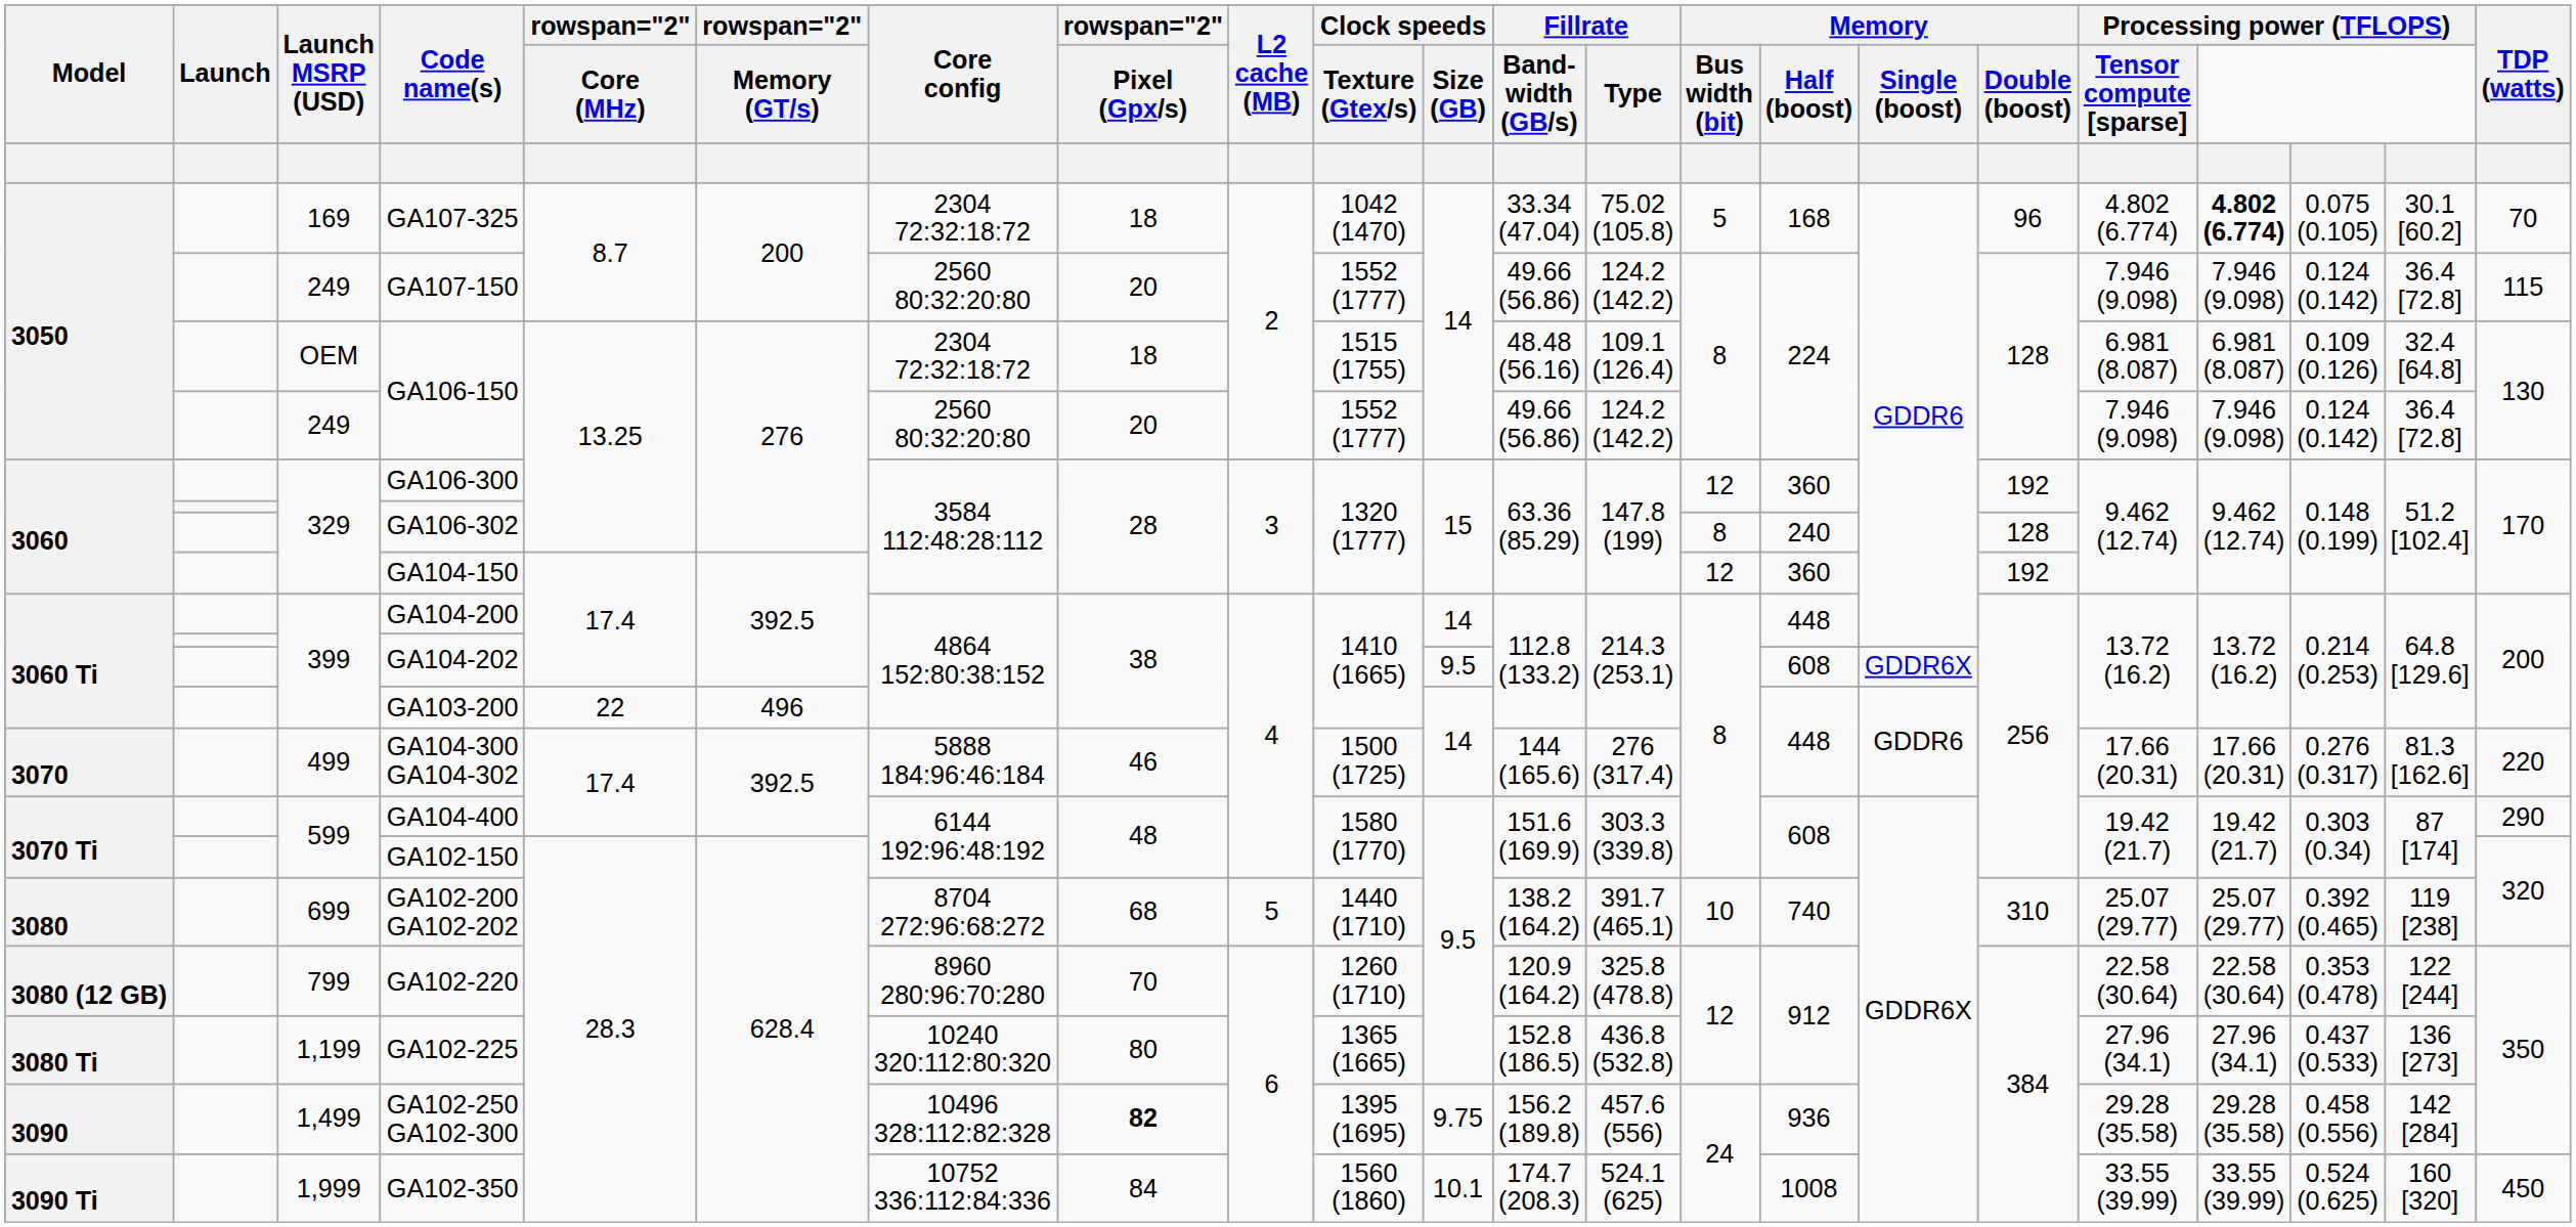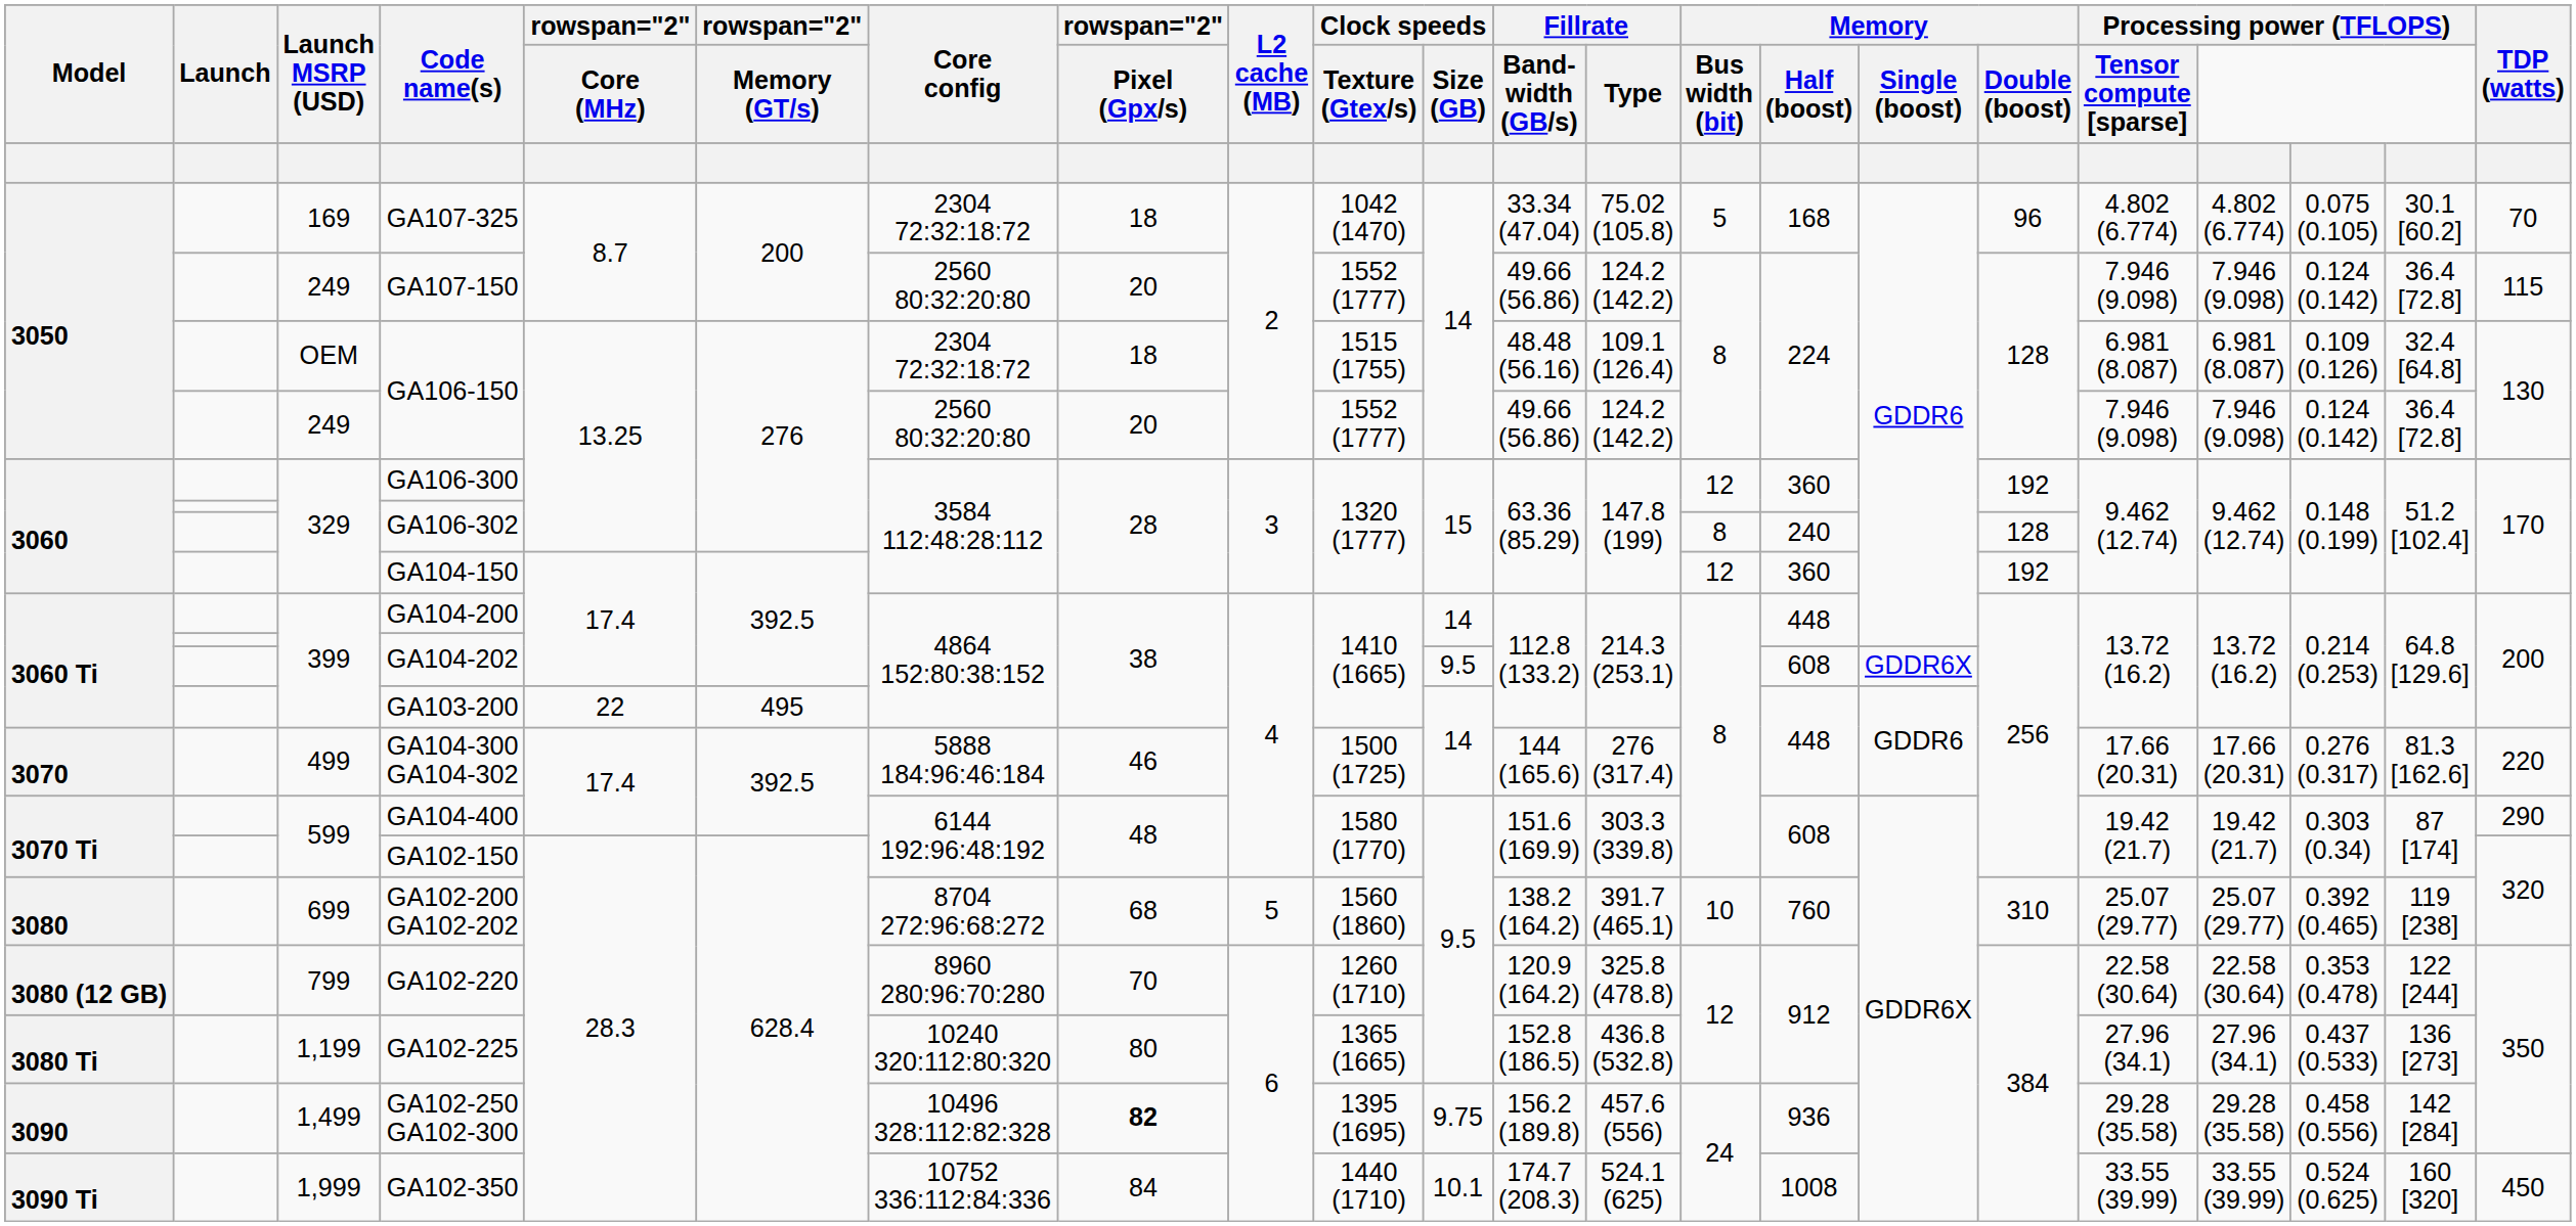 <table class="mw-datatable wikitable sortable" style="font-size:85%; text-align:center;">
 <tr>
 <th rowspan="2">Model</th>
 <th rowspan="2">Launch</th>
 <th rowspan="2">Launch<br><a href='#'>MSRP</a><br>(USD)</th>
 <th rowspan="2"><a href='#'>Code<br>name</a>(s)</th>
 <th>rowspan="2" </th>
 <th>rowspan="2" </th>
 <th rowspan="2">Core<br>config</th>
 <th>rowspan="2" </th>
 <th rowspan="2"><a href='#'>L2<br>cache</a><br>(<a href='#'>MB</a>)</th>
 <th colspan="2">Clock speeds</th>
 <th colspan="2"><a href='#'>Fillrate</a></th>
 <th colspan="4"><a href='#'>Memory</a></th>
 <th colspan="4">Processing power (<a href='#'>TFLOPS</a>)</th>
 <th rowspan="2"><a href='#'>TDP</a><br>(<a href='#'>watts</a>)</th>
 </tr>
 <tr>
 <th>Core<br>(<a href='#'>MHz</a>)</th>
 <th>Memory<br>(<a href='#'>GT/s</a>)</th>
 <th>Pixel<br>(<a href='#'>Gpx</a>/s)</th>
 <th>Texture<br>(<a href='#'>Gtex</a>/s)</th>
 <th>Size<br>(<a href='#'>GB</a>)</th>
 <th>Band-<br>width<br>(<a href='#'>GB</a>/s)</th>
 <th>Type</th>
 <th>Bus<br>width<br>(<a href='#'>bit</a>)</th>
 <th><a href='#'>Half</a><br>(boost)</th>
 <th><a href='#'>Single</a><br>(boost)</th>
 <th><a href='#'>Double</a><br>(boost)</th>
 <th><a href='#'>Tensor</a><br><a href='#'>compute</a><br>[sparse]</th>
 </tr>
 <tr>
 <th style="background-position:center"><br></th>
 <th style="background-position:center"></th>
 <th style="background-position:center"></th>
 <th style="background-position:center"></th>
 <th style="background-position:center"></th>
 <th style="background-position:center"></th>
 <th style="background-position:center"></th>
 <th style="background-position:center"></th>
 <th style="background-position:center"></th>
 <th style="background-position:center"></th>
 <th style="background-position:center"></th>
 <th style="background-position:center"></th>
 <th style="background-position:center"></th>
 <th style="background-position:center"></th>
 <th style="background-position:center"></th>
 <th style="background-position:center"></th>
 <th style="background-position:center"></th>
 <th style="background-position:center"></th>
 <th style="background-position:center"></th>
 <th style="background-position:center"></th>
 <th style="background-position:center"></th>
 <th style="background-position:center"></th>
 </tr>
 <tr>
 <th rowspan="4" style="text-align:left;"><br>3050</th>
 <td></td>
 <td>169</td>
 <td>GA107-325</td>
 <td rowspan="2">8.7</td>
 <td rowspan="2">200</td>
 <td>2304<br>72:32:18:72</td>
 <td>18</td>
 <td rowspan="4">2</td>
 <td>1042<br>(1470)</td>
 <td rowspan="4">14</td>
 <td>33.34<br>(47.04)</td>
 <td>75.02<br>(105.8)</td>
 <td>5</td>
 <td>168</td>
 <td rowspan="10"><a href='#'>GDDR6</a></td>
 <td>96</td>
 <td>4.802<br>(6.774)</td>
-<td><strong>4.802<br>(6.774)</strong></td>
+<td>4.802<br>(6.774)</td>
 <td>0.075<br>(0.105)</td>
 <td>30.1<br>[60.2]</td>
 <td>70</td>
 </tr>
 <tr>
 <td></td>
 <td>249</td>
 <td>GA107-150</td>
 <td>2560<br>80:32:20:80</td>
 <td>20</td>
 <td>1552<br>(1777)</td>
 <td>49.66<br>(56.86)</td>
 <td>124.2<br>(142.2)</td>
 <td rowspan="3">8</td>
 <td rowspan="3">224</td>
 <td rowspan="3">128</td>
 <td>7.946<br>(9.098)</td>
 <td>7.946<br>(9.098)</td>
 <td>0.124<br>(0.142)</td>
 <td>36.4<br>[72.8]</td>
 <td>115</td>
 </tr>
 <tr>
 <td></td>
 <td>OEM</td>
 <td rowspan="2">GA106-150</td>
 <td rowspan="5">13.25</td>
 <td rowspan="5">276</td>
 <td>2304<br>72:32:18:72</td>
 <td>18</td>
 <td>1515<br>(1755)</td>
 <td>48.48<br>(56.16)</td>
 <td>109.1<br>(126.4)</td>
 <td>6.981<br>(8.087)</td>
 <td>6.981<br>(8.087)</td>
 <td>0.109<br>(0.126)</td>
 <td>32.4<br>[64.8]</td>
 <td rowspan="2">130</td>
 </tr>
 <tr>
 <td></td>
 <td>249</td>
 <td>2560<br>80:32:20:80</td>
 <td>20</td>
 <td>1552<br>(1777)</td>
 <td>49.66<br>(56.86)</td>
 <td>124.2<br>(142.2)</td>
 <td>7.946<br>(9.098)</td>
 <td>7.946<br>(9.098)</td>
 <td>0.124<br>(0.142)</td>
 <td>36.4<br>[72.8]</td>
 </tr>
 <tr>
 <th rowspan="4" style="text-align:left;"><br>3060</th>
 <td></td>
 <td rowspan="4">329</td>
 <td>GA106-300</td>
 <td rowspan="4">3584<br>112:48:28:112</td>
 <td rowspan="4">28</td>
 <td rowspan="4">3</td>
 <td rowspan="4">1320<br>(1777)</td>
 <td rowspan="4">15</td>
 <td rowspan="4">63.36<br>(85.29)</td>
 <td rowspan="4">147.8<br>(199)</td>
 <td rowspan="2">12</td>
 <td rowspan="2">360</td>
 <td rowspan="2">192</td>
 <td rowspan="4">9.462<br>(12.74)</td>
 <td rowspan="4">9.462<br>(12.74)</td>
 <td rowspan="4">0.148<br>(0.199)</td>
 <td rowspan="4">51.2<br>[102.4]</td>
 <td rowspan="4">170</td>
 </tr>
 <tr>
 <td></td>
 <td rowspan="2">GA106-302</td>
 </tr>
 <tr>
 <td></td>
 <td>8</td>
 <td>240</td>
 <td>128</td>
 </tr>
 <tr>
 <td></td>
 <td>GA104-150</td>
 <td rowspan="4">17.4</td>
 <td rowspan="4">392.5</td>
 <td>12</td>
 <td>360</td>
 <td>192</td>
 </tr>
 <tr>
 <th rowspan="4" style="text-align:left;"><br>3060 Ti</th>
 <td></td>
 <td rowspan="4">399</td>
 <td>GA104-200</td>
 <td rowspan="4">4864<br>152:80:38:152</td>
 <td rowspan="4">38</td>
 <td rowspan="7">4</td>
 <td rowspan="4">1410<br>(1665)</td>
 <td rowspan="2">14</td>
 <td rowspan="4">112.8<br>(133.2)</td>
 <td rowspan="4">214.3<br>(253.1)</td>
 <td rowspan="7">8</td>
 <td rowspan="2">448</td>
 <td rowspan="7">256</td>
 <td rowspan="4">13.72<br>(16.2)</td>
 <td rowspan="4">13.72<br>(16.2)</td>
 <td rowspan="4">0.214<br>(0.253)</td>
 <td rowspan="4">64.8<br>[129.6]</td>
 <td rowspan="4">200</td>
 </tr>
 <tr>
 <td></td>
 <td rowspan="2">GA104-202</td>
 </tr>
 <tr>
 <td></td>
 <td>9.5</td>
 <td>608</td>
 <td><a href='#'>GDDR6X</a></td>
 </tr>
 <tr>
 <td></td>
 <td>GA103-200</td>
 <td>22</td>
-<td>496</td>
+<td>495</td>
 <td rowspan="2">14</td>
 <td rowspan="2">448</td>
 <td rowspan="2">GDDR6</td>
 </tr>
 <tr>
 <th style="text-align:left;"><br>3070</th>
 <td></td>
 <td>499</td>
 <td>GA104-300<br>GA104-302</td>
 <td rowspan="2">17.4</td>
 <td rowspan="2">392.5</td>
 <td>5888<br>184:96:46:184</td>
 <td>46</td>
 <td>1500<br>(1725)</td>
 <td>144<br>(165.6)</td>
 <td>276<br>(317.4)</td>
 <td>17.66<br>(20.31)</td>
 <td>17.66<br>(20.31)</td>
 <td>0.276<br>(0.317)</td>
 <td>81.3<br>[162.6]</td>
 <td>220</td>
 </tr>
 <tr>
 <th rowspan="2" style="text-align:left;"><br>3070 Ti</th>
 <td></td>
 <td rowspan="2">599</td>
 <td>GA104-400</td>
 <td rowspan="2">6144<br>192:96:48:192</td>
 <td rowspan="2">48</td>
 <td rowspan="2">1580<br>(1770)</td>
 <td rowspan="5">9.5</td>
 <td rowspan="2">151.6<br>(169.9)</td>
 <td rowspan="2">303.3<br>(339.8)</td>
 <td rowspan="2">608</td>
 <td rowspan="7">GDDR6X</td>
 <td rowspan="2">19.42<br>(21.7)</td>
 <td rowspan="2">19.42<br>(21.7)</td>
 <td rowspan="2">0.303<br>(0.34)</td>
 <td rowspan="2">87<br>[174]</td>
 <td>290</td>
 </tr>
 <tr>
 <td></td>
 <td>GA102-150</td>
 <td rowspan="6">28.3</td>
 <td rowspan="6">628.4</td>
 <td rowspan="2">320</td>
 </tr>
 <tr>
 <th style="text-align:left;"><br>3080</th>
 <td></td>
 <td>699</td>
 <td>GA102-200<br>GA102-202</td>
 <td>8704<br>272:96:68:272</td>
 <td>68</td>
 <td>5</td>
-<td>1440<br>(1710)</td>
+<td>1560<br>(1860)</td>
 <td>138.2<br>(164.2)</td>
 <td>391.7<br>(465.1)</td>
 <td>10</td>
-<td>740</td>
+<td>760</td>
 <td>310</td>
 <td>25.07<br>(29.77)</td>
 <td>25.07<br>(29.77)</td>
 <td>0.392<br>(0.465)</td>
 <td>119<br>[238]</td>
 </tr>
 <tr>
 <th style="text-align:left;"><br>3080 (12 GB)</th>
 <td></td>
 <td>799</td>
 <td>GA102-220</td>
 <td>8960<br>280:96:70:280</td>
 <td>70</td>
 <td rowspan="4">6</td>
 <td>1260<br>(1710)</td>
 <td>120.9<br>(164.2)</td>
 <td>325.8<br>(478.8)</td>
 <td rowspan="2">12</td>
 <td rowspan="2">912</td>
 <td rowspan="4">384</td>
 <td>22.58<br>(30.64)</td>
 <td>22.58<br>(30.64)</td>
 <td>0.353<br>(0.478)</td>
 <td>122<br>[244]</td>
 <td rowspan="3">350</td>
 </tr>
 <tr>
 <th style="text-align:left;"><br>3080 Ti</th>
 <td></td>
 <td>1,199</td>
 <td>GA102-225</td>
 <td>10240<br>320:112:80:320</td>
 <td>80</td>
 <td>1365<br>(1665)</td>
 <td>152.8<br>(186.5)</td>
 <td>436.8<br>(532.8)</td>
 <td>27.96<br>(34.1)</td>
 <td>27.96<br>(34.1)</td>
 <td>0.437<br>(0.533)</td>
 <td>136<br>[273]</td>
 </tr>
 <tr>
 <th style="text-align:left;"><br>3090</th>
 <td></td>
 <td>1,499</td>
 <td>GA102-250<br>GA102-300</td>
 <td>10496<br>328:112:82:328</td>
 <td><strong>82</strong></td>
 <td>1395<br>(1695)</td>
 <td>9.75</td>
 <td>156.2<br>(189.8)</td>
 <td>457.6<br>(556)</td>
 <td rowspan="2">24</td>
 <td>936</td>
 <td>29.28<br>(35.58)</td>
 <td>29.28<br>(35.58)</td>
 <td>0.458<br>(0.556)</td>
 <td>142<br>[284]</td>
 </tr>
 <tr>
 <th style="text-align:left;"><br>3090 Ti</th>
 <td></td>
 <td>1,999</td>
 <td>GA102-350</td>
 <td>10752<br>336:112:84:336</td>
 <td>84</td>
-<td>1560<br>(1860)</td>
+<td>1440<br>(1710)</td>
 <td>10.1</td>
 <td>174.7<br>(208.3)</td>
 <td>524.1<br>(625)</td>
 <td>1008</td>
 <td>33.55<br>(39.99)</td>
 <td>33.55<br>(39.99)</td>
 <td>0.524<br>(0.625)</td>
 <td>160<br>[320]</td>
 <td>450</td>
 </tr>
 </table>
